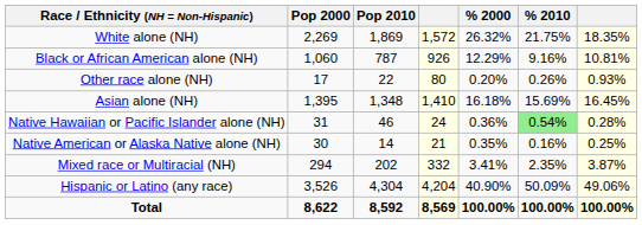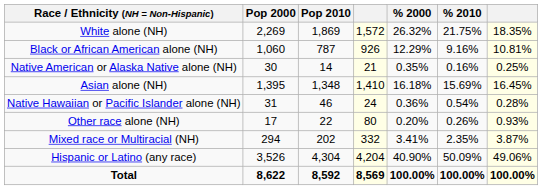 <table class="wikitable" style="text-align:center;">
 <tr>
 <th>Race / Ethnicity <small>(<em>NH = Non-Hispanic</em>)</small></th>
 <th>Pop 2000</th>
 <th>Pop 2010</th>
 <th></th>
 <th>% 2000</th>
 <th>% 2010</th>
 <th></th>
 </tr>
 <tr>
 <td><a href='#'>White</a> alone (NH)</td>
 <td>2,269</td>
 <td>1,869</td>
 <td style='background: #ffffe6;'>1,572</td>
 <td>26.32%</td>
 <td>21.75%</td>
 <td style='background: #ffffe6;'>18.35%</td>
 </tr>
 <tr>
 <td><a href='#'>Black or African American</a> alone (NH)</td>
 <td>1,060</td>
 <td>787</td>
 <td style='background: #ffffe6;'>926</td>
 <td>12.29%</td>
 <td>9.16%</td>
 <td style='background: #ffffe6;'>10.81%</td>
 </tr>
 <tr>
-<td><a href='#'>Other race</a> alone (NH)</td>
-<td>17</td>
-<td>22</td>
-<td style='background: #ffffe6;'>80</td>
-<td>0.20%</td>
-<td>0.26%</td>
-<td style='background: #ffffe6;'>0.93%</td>
+<td><a href='#'>Native American</a> or <a href='#'>Alaska Native</a> alone (NH)</td>
+<td>30</td>
+<td>14</td>
+<td style='background: #ffffe6;'>21</td>
+<td>0.35%</td>
+<td>0.16%</td>
+<td style='background: #ffffe6;'>0.25%</td>
 </tr>
 <tr>
 <td><a href='#'>Asian</a> alone (NH)</td>
 <td>1,395</td>
 <td>1,348</td>
 <td style='background: #ffffe6;'>1,410</td>
 <td>16.18%</td>
 <td>15.69%</td>
 <td style='background: #ffffe6;'>16.45%</td>
 </tr>
 <tr>
 <td><a href='#'>Native Hawaiian</a> or <a href='#'>Pacific Islander</a> alone (NH)</td>
 <td>31</td>
 <td>46</td>
 <td style='background: #ffffe6;'>24</td>
 <td>0.36%</td>
-<td style="background: lightgreen;">0.54%</td>
+<td>0.54%</td>
 <td style='background: #ffffe6;'>0.28%</td>
 </tr>
 <tr>
-<td><a href='#'>Native American</a> or <a href='#'>Alaska Native</a> alone (NH)</td>
-<td>30</td>
-<td>14</td>
-<td style='background: #ffffe6;'>21</td>
-<td>0.35%</td>
-<td>0.16%</td>
-<td style='background: #ffffe6;'>0.25%</td>
+<td><a href='#'>Other race</a> alone (NH)</td>
+<td>17</td>
+<td>22</td>
+<td style='background: #ffffe6;'>80</td>
+<td>0.20%</td>
+<td>0.26%</td>
+<td style='background: #ffffe6;'>0.93%</td>
 </tr>
 <tr>
 <td><a href='#'>Mixed race or Multiracial</a> (NH)</td>
 <td>294</td>
 <td>202</td>
 <td style='background: #ffffe6;'>332</td>
 <td>3.41%</td>
 <td>2.35%</td>
 <td style='background: #ffffe6;'>3.87%</td>
 </tr>
 <tr>
 <td><a href='#'>Hispanic or Latino</a> (any race)</td>
 <td>3,526</td>
 <td>4,304</td>
 <td style='background: #ffffe6;'>4,204</td>
 <td>40.90%</td>
 <td>50.09%</td>
 <td style='background: #ffffe6;'>49.06%</td>
 </tr>
 <tr>
 <td><strong>Total</strong></td>
 <td><strong>8,622</strong></td>
 <td><strong>8,592</strong></td>
 <td style='background: #ffffe6;'><strong>8,569</strong></td>
 <td><strong>100.00%</strong></td>
 <td><strong>100.00%</strong></td>
 <td style='background: #ffffe6;'><strong>100.00%</strong></td>
 </tr>
 </table>
